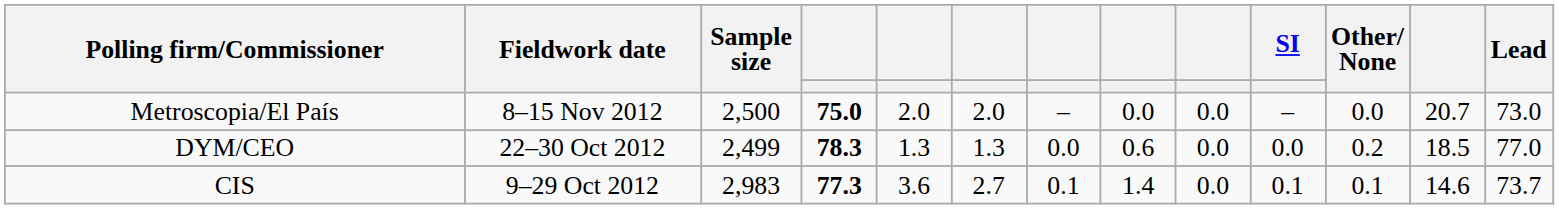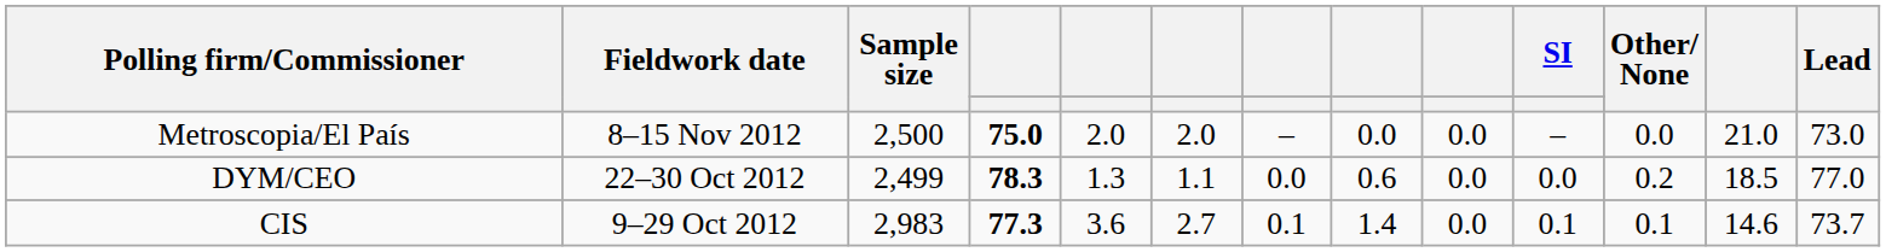 <table class="wikitable collapsible collapsed" style="text-align:center; font-size:90%; line-height:14px;">
 <tr style="height:42px;">
 <th style="width:250px;" rowspan="2">Polling firm/Commissioner</th>
 <th style="width:125px;" rowspan="2">Fieldwork date</th>
 <th style="width:50px;" rowspan="2">Sample size</th>
 <th style="width:35px;"></th>
 <th style="width:35px;"></th>
 <th style="width:35px;"></th>
 <th style="width:35px;"></th>
 <th style="width:35px;"></th>
 <th style="width:35px;"></th>
 <th style="width:35px;"><a href='#'>SI</a></th>
 <th style="width:35px;" rowspan="2">Other/<br>None</th>
 <th style="width:35px;" rowspan="2"></th>
 <th style="width:30px;" rowspan="2">Lead</th>
 </tr>
 <tr>
 <th style="color:inherit;background:"></th>
 <th style="color:inherit;background:"></th>
 <th style="color:inherit;background:"></th>
 <th style="color:inherit;background:"></th>
 <th style="color:inherit;background:"></th>
 <th style="color:inherit;background:"></th>
 <th style="color:inherit;background:"></th>
 </tr>
 <tr>
 <td>Metroscopia/El País</td>
 <td>8–15 Nov 2012</td>
 <td>2,500</td>
 <td><strong>75.0</strong></td>
 <td>2.0</td>
 <td>2.0</td>
 <td>–</td>
 <td>0.0</td>
 <td>0.0</td>
 <td>–</td>
 <td>0.0</td>
-<td>20.7</td>
+<td>21.0</td>
 <td style="background:">73.0</td>
 </tr>
 <tr>
 <td>DYM/CEO</td>
 <td>22–30 Oct 2012</td>
 <td>2,499</td>
 <td><strong>78.3</strong></td>
 <td>1.3</td>
-<td>1.3</td>
+<td>1.1</td>
 <td>0.0</td>
 <td>0.6</td>
 <td>0.0</td>
 <td>0.0</td>
 <td>0.2</td>
 <td>18.5</td>
 <td style="background:">77.0</td>
 </tr>
 <tr>
 <td>CIS</td>
 <td>9–29 Oct 2012</td>
 <td>2,983</td>
 <td><strong>77.3</strong></td>
 <td>3.6</td>
 <td>2.7</td>
 <td>0.1</td>
 <td>1.4</td>
 <td>0.0</td>
 <td>0.1</td>
 <td>0.1</td>
 <td>14.6</td>
 <td style="background:">73.7</td>
 </tr>
 </table>
